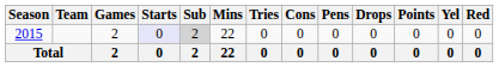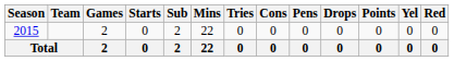 <table class="wikitable" style="text-align:center; line-height:90%; font-size:95%; width:60%;">
 <tr>
 <th>Season</th>
 <th>Team</th>
 <th>Games</th>
 <th>Starts</th>
 <th>Sub</th>
 <th>Mins</th>
 <th>Tries</th>
 <th>Cons</th>
 <th>Pens</th>
 <th>Drops</th>
 <th>Points</th>
 <th>Yel</th>
 <th>Red</th>
 </tr>
 <tr>
 <td><a href='#'>2015</a></td>
 <td></td>
 <td>2</td>
-<td style="background: lavender;">0</td>
-<td style="background: lightgrey;">2</td>
+<td>0</td>
+<td>2</td>
 <td>22</td>
 <td>0</td>
 <td>0</td>
 <td>0</td>
 <td>0</td>
 <td>0</td>
 <td>0</td>
 <td>0</td>
 </tr>
 <tr>
 <th colspan="2">Total</th>
 <th>2</th>
 <th>0</th>
 <th>2</th>
 <th>22</th>
 <th>0</th>
 <th>0</th>
 <th>0</th>
 <th>0</th>
 <th>0</th>
 <th>0</th>
 <th>0</th>
 </tr>
 </table>
